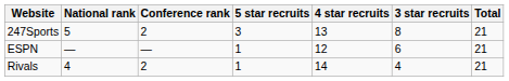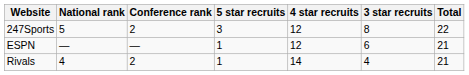 <table class="wikitable">
 <tr>
 <th style="text-align:center;">Website</th>
 <th style="text-align:center;">National rank</th>
 <th style="text-align:center;">Conference rank</th>
 <th style="text-align:center;">5 star recruits</th>
 <th style="text-align:center;">4 star recruits</th>
 <th style="text-align:center;">3 star recruits</th>
 <th style="text-align:center;">Total</th>
 </tr>
 <tr>
 <td>247Sports</td>
 <td>5</td>
 <td>2</td>
 <td>3</td>
-<td>13</td>
+<td>12</td>
 <td>8</td>
-<td>21</td>
+<td>22</td>
 </tr>
 <tr>
 <td>ESPN</td>
 <td>—</td>
 <td>—</td>
 <td>1</td>
 <td>12</td>
 <td>6</td>
 <td>21</td>
 </tr>
 <tr>
 <td>Rivals</td>
 <td>4</td>
 <td>2</td>
 <td>1</td>
 <td>14</td>
 <td>4</td>
 <td>21</td>
 </tr>
 </table>
